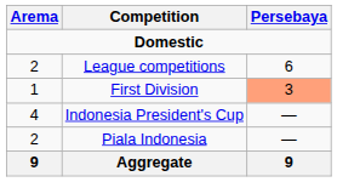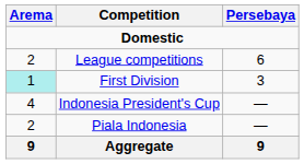 <table class="wikitable sortable"  style="width:auto; margin:auto;">
 <tr>
 <th><a href='#'>Arema</a></th>
 <th>Competition</th>
 <th><a href='#'>Persebaya</a></th>
 </tr>
 <tr style="text-align:center;">
 <td colspan="3"><strong>Domestic</strong></td>
 </tr>
 <tr style="text-align:center;">
 <td>2</td>
 <td><a href='#'>League competitions</a></td>
 <td>6</td>
 </tr>
 <tr style="text-align:center;">
-<td>1</td>
+<td style="background: paleturquoise;">1</td>
 <td><a href='#'>First Division</a></td>
-<td style="background: lightsalmon;">3</td>
+<td>3</td>
 </tr>
 <tr style="text-align:center;">
 <td>4</td>
 <td><a href='#'>Indonesia President's Cup</a></td>
 <td>—</td>
 </tr>
 <tr style="text-align:center;">
 <td>2</td>
 <td><a href='#'>Piala Indonesia</a></td>
 <td>—</td>
 </tr>
 <tr align="center">
 <th>9</th>
 <th>Aggregate</th>
 <th>9</th>
 </tr>
 </table>
